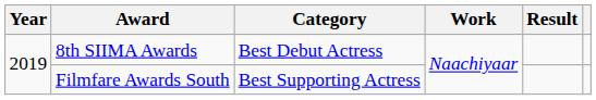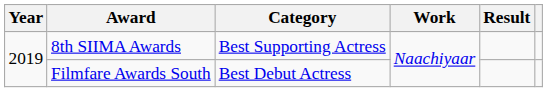 <table class="wikitable sortable">
 <tr>
 <th scope="col">Year</th>
 <th scope="col">Award</th>
 <th scope="col">Category</th>
 <th scope="col">Work</th>
 <th scope="col">Result</th>
 <th class="unsortable" scope="col"></th>
 </tr>
 <tr>
 <td rowspan="2">2019</td>
 <td><a href='#'>8th SIIMA Awards</a></td>
-<td><a href='#'>Best Debut Actress</a></td>
+<td><a href='#'>Best Supporting Actress</a></td>
 <td rowspan="2"><em><a href='#'>Naachiyaar</a></em></td>
 <td></td>
 <td style="text-align:center;"></td>
 </tr>
 <tr>
 <td><a href='#'>Filmfare Awards South</a></td>
-<td><a href='#'>Best Supporting Actress</a></td>
+<td><a href='#'>Best Debut Actress</a></td>
 <td></td>
 <td style="text-align:center;"></td>
 </tr>
 </table>
